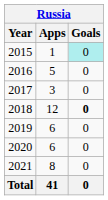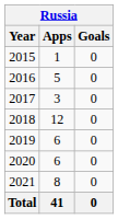 <table class="wikitable" style="text-align:center">
 <tr>
 <th colspan=4><a href='#'>Russia</a></th>
 </tr>
 <tr>
 <th>Year</th>
 <th>Apps</th>
 <th>Goals</th>
 </tr>
 <tr>
 <td>2015</td>
 <td>1</td>
-<td style="background: paleturquoise;">0</td>
+<td>0</td>
 </tr>
 <tr>
 <td>2016</td>
 <td>5</td>
 <td>0</td>
 </tr>
 <tr>
 <td>2017</td>
 <td>3</td>
 <td>0</td>
 </tr>
 <tr>
 <td>2018</td>
 <td>12</td>
-<td><strong>0</strong></td>
+<td>0</td>
 </tr>
 <tr>
 <td>2019</td>
 <td>6</td>
 <td>0</td>
 </tr>
 <tr>
 <td>2020</td>
 <td>6</td>
 <td>0</td>
 </tr>
 <tr>
 <td>2021</td>
 <td>8</td>
 <td>0</td>
 </tr>
 <tr>
 <th>Total</th>
 <th>41</th>
 <th>0</th>
 </tr>
 </table>
